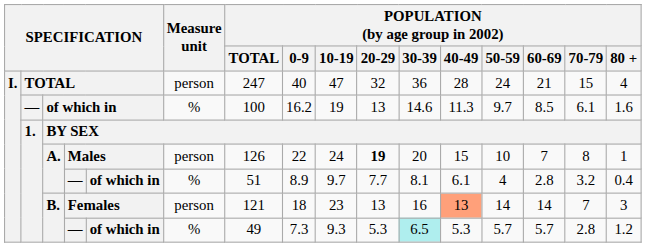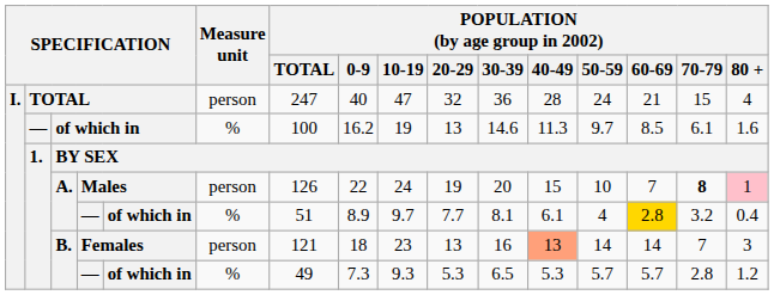 <table class="wikitable" style="font-size:85%; text-align:center">
 <tr>
 <th rowspan="2" colspan="5">SPECIFICATION</th>
 <th rowspan="2">Measure<br> unit</th>
 <th colspan="10" rowspan="1">POPULATION<br> (by age group in 2002)</th>
 </tr>
 <tr>
 <th>TOTAL</th>
 <th>0-9</th>
 <th>10-19</th>
 <th>20-29</th>
 <th>30-39</th>
 <th>40-49</th>
 <th>50-59</th>
 <th>60-69</th>
 <th>70-79</th>
 <th>80 +</th>
 </tr>
 <tr>
 <th style="text-align:left" valign="top" rowspan="7">I.</th>
 <th style="text-align:left" colspan="4">TOTAL</th>
 <td>person</td>
 <td>247</td>
 <td>40</td>
 <td>47</td>
 <td>32</td>
 <td>36</td>
 <td>28</td>
 <td>24</td>
 <td>21</td>
 <td>15</td>
 <td>4</td>
 </tr>
 <tr>
 <th style="text-align:left" valign="top">—</th>
 <th style="text-align:left" colspan="3">of which in</th>
 <td>%</td>
 <td>100</td>
 <td>16.2</td>
 <td>19</td>
 <td>13</td>
 <td>14.6</td>
 <td>11.3</td>
 <td>9.7</td>
 <td>8.5</td>
 <td>6.1</td>
 <td>1.6</td>
 </tr>
 <tr>
 <th style="text-align:left" valign="top" rowspan="5">1.</th>
 <th style="text-align:left" colspan="14">BY SEX</th>
 </tr>
 <tr>
 <th style="text-align:left" valign="top" rowspan="2">A.</th>
 <th style="text-align:left" colspan="2">Males</th>
 <td>person</td>
 <td>126</td>
 <td>22</td>
 <td>24</td>
-<td><strong>19</strong></td>
+<td>19</td>
 <td>20</td>
 <td>15</td>
 <td>10</td>
 <td>7</td>
-<td>8</td>
-<td>1</td>
+<td><strong>8</strong></td>
+<td style="background: pink;">1</td>
 </tr>
 <tr>
 <th style="text-align:left" valign="top">—</th>
 <th style="text-align:left" colspan="1">of which in</th>
 <td>%</td>
 <td>51</td>
 <td>8.9</td>
 <td>9.7</td>
 <td>7.7</td>
 <td>8.1</td>
 <td>6.1</td>
 <td>4</td>
-<td>2.8</td>
+<td style="background: gold;">2.8</td>
 <td>3.2</td>
 <td>0.4</td>
 </tr>
 <tr>
 <th style="text-align:left" valign="top" rowspan="2">B.</th>
 <th style="text-align:left" colspan="2">Females</th>
 <td>person</td>
 <td>121</td>
 <td>18</td>
 <td>23</td>
 <td>13</td>
 <td>16</td>
 <td style="background: lightsalmon;">13</td>
 <td>14</td>
 <td>14</td>
 <td>7</td>
 <td>3</td>
 </tr>
 <tr>
 <th style="text-align:left" valign="top">—</th>
 <th style="text-align:left" colspan="1">of which in</th>
 <td>%</td>
 <td>49</td>
 <td>7.3</td>
 <td>9.3</td>
 <td>5.3</td>
-<td style="background: paleturquoise;">6.5</td>
+<td>6.5</td>
 <td>5.3</td>
 <td>5.7</td>
 <td>5.7</td>
 <td>2.8</td>
 <td>1.2</td>
 </tr>
 </table>
